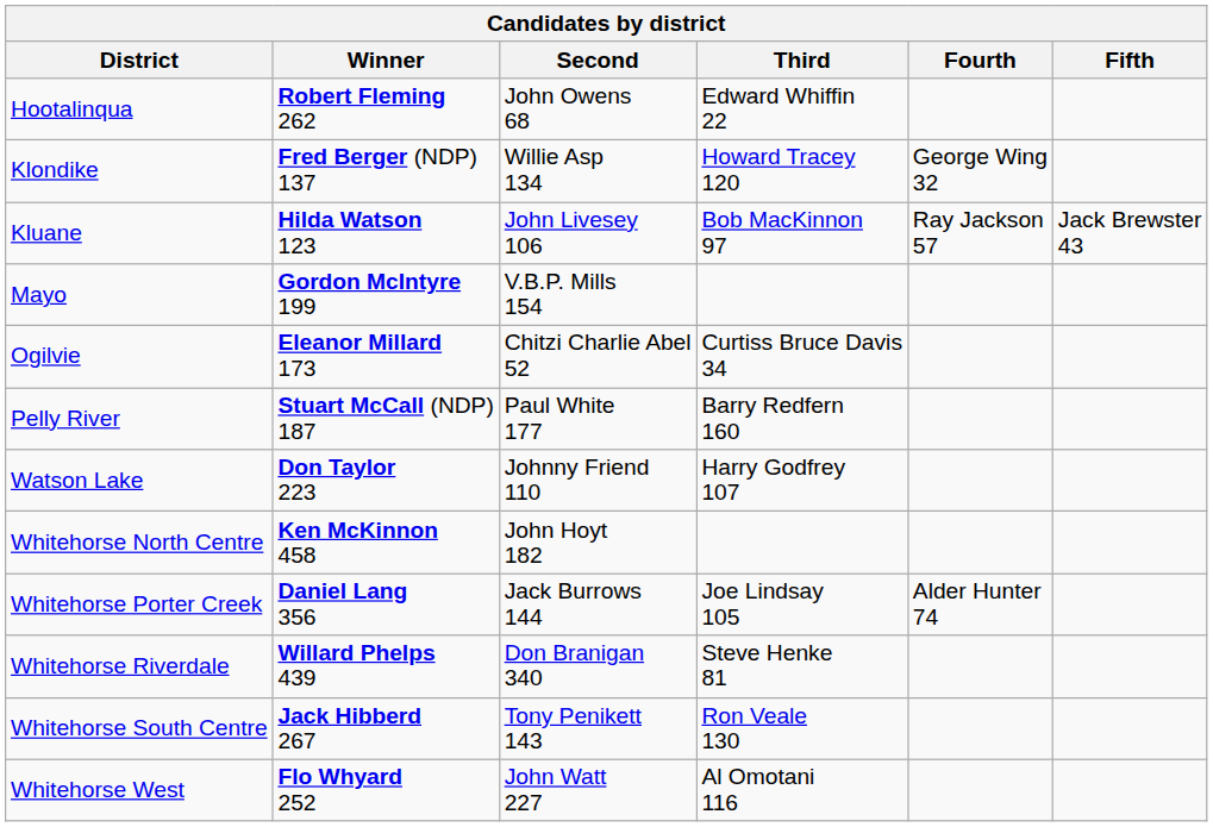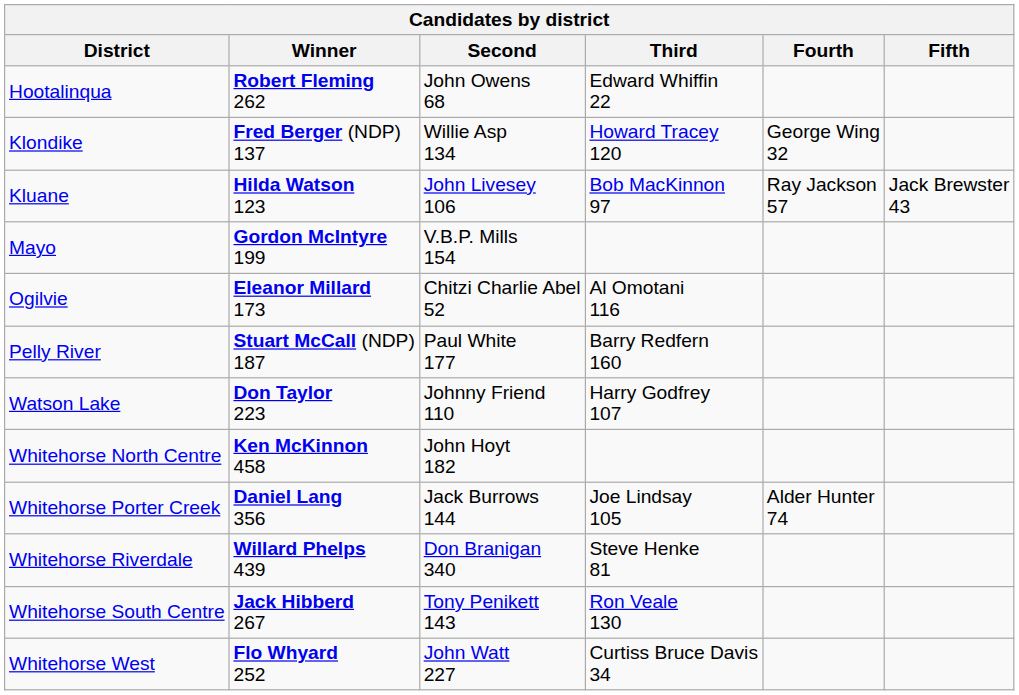 <table class=wikitable>
 <tr>
 <th colspan=9 align=center><strong>Candidates by district</strong></th>
 </tr>
 <tr>
 <th>District</th>
 <th>Winner</th>
 <th>Second</th>
 <th>Third</th>
 <th>Fourth</th>
 <th>Fifth</th>
 </tr>
 <tr>
 <td><a href='#'>Hootalinqua</a></td>
 <td><strong><a href='#'>Robert Fleming</a></strong><br>262</td>
 <td>John Owens<br>68</td>
 <td>Edward Whiffin<br>22</td>
 <td></td>
 <td></td>
 </tr>
 <tr>
 <td><a href='#'>Klondike</a></td>
 <td><strong><a href='#'>Fred Berger</a></strong> (NDP)<br>137</td>
 <td>Willie Asp<br>134</td>
 <td><a href='#'>Howard Tracey</a><br>120</td>
 <td>George Wing<br>32</td>
 <td></td>
 </tr>
 <tr>
 <td><a href='#'>Kluane</a></td>
 <td><strong><a href='#'>Hilda Watson</a></strong><br>123</td>
 <td><a href='#'>John Livesey</a><br>106</td>
 <td><a href='#'>Bob MacKinnon</a><br>97</td>
 <td>Ray Jackson<br>57</td>
 <td>Jack Brewster<br>43</td>
 </tr>
 <tr>
 <td><a href='#'>Mayo</a></td>
 <td><strong><a href='#'>Gordon McIntyre</a></strong><br>199</td>
 <td>V.B.P. Mills<br>154</td>
 <td></td>
 <td></td>
 <td></td>
 </tr>
 <tr>
 <td><a href='#'>Ogilvie</a></td>
 <td><strong><a href='#'>Eleanor Millard</a></strong><br>173</td>
 <td>Chitzi Charlie Abel<br>52</td>
-<td>Curtiss Bruce Davis<br>34</td>
+<td>Al Omotani<br>116</td>
 <td></td>
 <td></td>
 </tr>
 <tr>
 <td><a href='#'>Pelly River</a></td>
 <td><strong><a href='#'>Stuart McCall</a></strong> (NDP)<br>187</td>
 <td>Paul White<br>177</td>
 <td>Barry Redfern<br>160</td>
 <td></td>
 <td></td>
 </tr>
 <tr>
 <td><a href='#'>Watson Lake</a></td>
 <td><strong><a href='#'>Don Taylor</a></strong><br>223</td>
 <td>Johnny Friend<br>110</td>
 <td>Harry Godfrey<br>107</td>
 <td></td>
 <td></td>
 </tr>
 <tr>
 <td><a href='#'>Whitehorse North Centre</a></td>
 <td><strong><a href='#'>Ken McKinnon</a></strong><br>458</td>
 <td>John Hoyt<br>182</td>
 <td></td>
 <td></td>
 <td></td>
 </tr>
 <tr>
 <td><a href='#'>Whitehorse Porter Creek</a></td>
 <td><strong><a href='#'>Daniel Lang</a></strong><br>356</td>
 <td>Jack Burrows<br>144</td>
 <td>Joe Lindsay<br>105</td>
 <td>Alder Hunter<br>74</td>
 <td></td>
 </tr>
 <tr>
 <td><a href='#'>Whitehorse Riverdale</a></td>
 <td><strong><a href='#'>Willard Phelps</a></strong><br>439</td>
 <td><a href='#'>Don Branigan</a><br>340</td>
 <td>Steve Henke<br>81</td>
 <td></td>
 <td></td>
 </tr>
 <tr>
 <td><a href='#'>Whitehorse South Centre</a></td>
 <td><strong><a href='#'>Jack Hibberd</a></strong><br>267</td>
 <td><a href='#'>Tony Penikett</a><br>143</td>
 <td><a href='#'>Ron Veale</a><br>130</td>
 <td></td>
 <td></td>
 </tr>
 <tr>
 <td><a href='#'>Whitehorse West</a></td>
 <td><strong><a href='#'>Flo Whyard</a></strong><br>252</td>
 <td><a href='#'>John Watt</a><br>227</td>
-<td>Al Omotani<br>116</td>
+<td>Curtiss Bruce Davis<br>34</td>
 <td></td>
 <td></td>
 </tr>
 </table>
